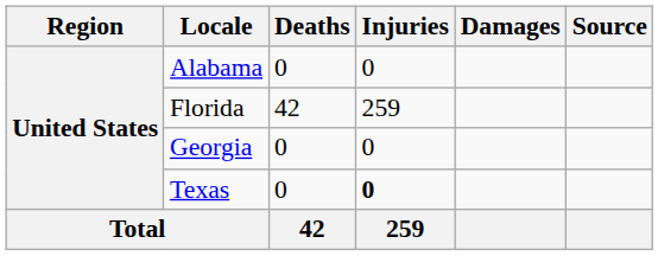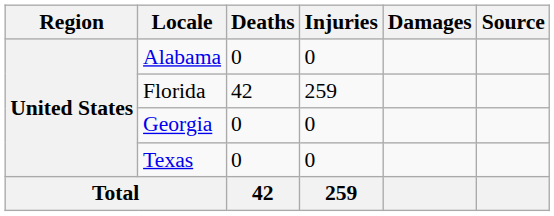 <table class="wikitable"  style="float:left; margin:10px;">
 <tr>
 <th>Region</th>
 <th>Locale</th>
 <th>Deaths</th>
 <th>Injuries</th>
 <th>Damages</th>
 <th>Source</th>
 </tr>
 <tr>
 <th rowspan="4">United States</th>
 <td rowspan="1"><a href='#'>Alabama</a></td>
 <td>0</td>
 <td>0</td>
 <td></td>
 <td></td>
 </tr>
 <tr>
 <td rowspan="1">Florida</td>
 <td>42</td>
 <td>259</td>
 <td></td>
 <td></td>
 </tr>
 <tr>
 <td rowspan="1"><a href='#'>Georgia</a></td>
 <td>0</td>
 <td>0</td>
 <td></td>
 <td></td>
 </tr>
 <tr>
 <td rowspan="1"><a href='#'>Texas</a></td>
 <td>0</td>
-<td><strong>0</strong></td>
+<td>0</td>
 <td></td>
 <td></td>
 </tr>
 <tr>
 <th colspan="2">Total</th>
 <th colspan="">42</th>
 <th colspan="">259</th>
 <th colspan=""></th>
 <th colspan=""></th>
 </tr>
 </table>
